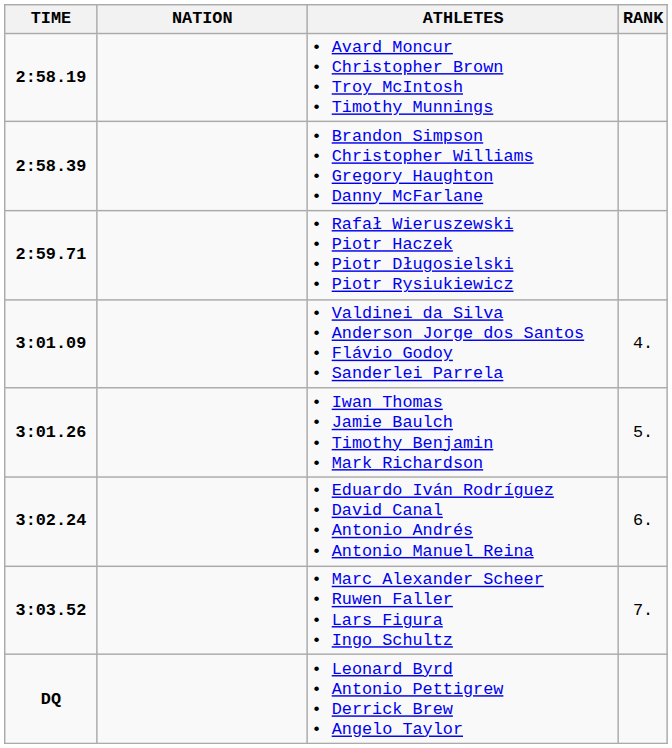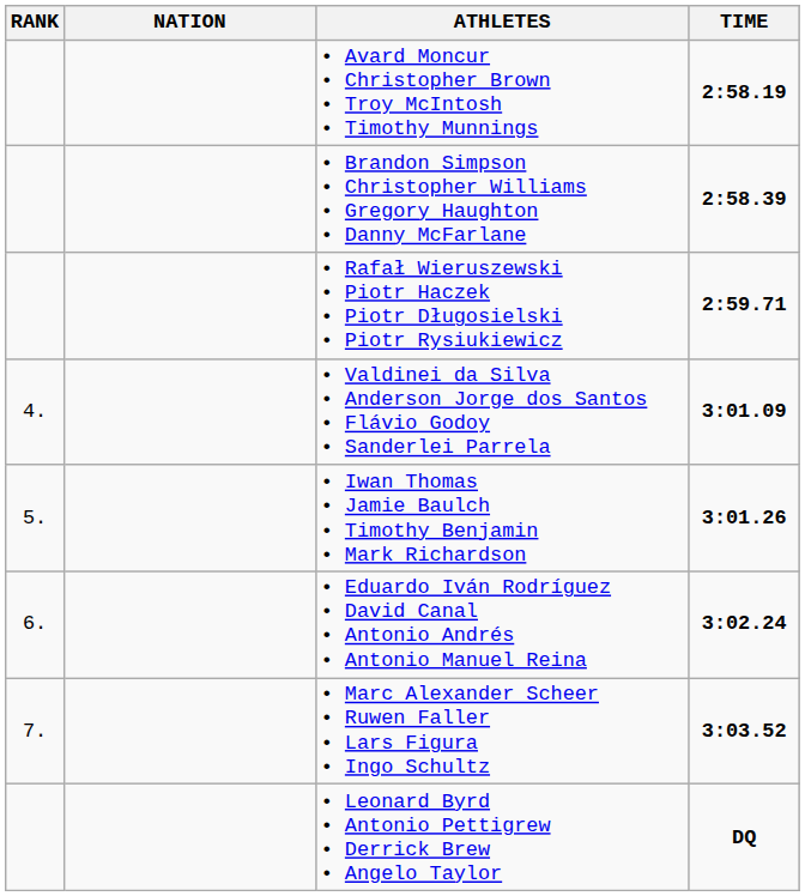 <table class="wikitable" style="border-collapse: collapse; font-size: 90%;">
 <tr>
-<th style="width: 5em">TIME</th>
+<th>RANK</th>
 <th style="width: 12em">NATION</th>
 <th style="width: 18em">ATHLETES</th>
-<th>RANK</th>
+<th style="width: 5em">TIME</th>
 </tr>
 <tr>
-<td align="center"><strong>2:58.19</strong></td>
+<td align="center"></td>
 <td align="center"></td>
 <td>• <a href='#'>Avard Moncur</a><br>• <a href='#'>Christopher Brown</a><br>• <a href='#'>Troy McIntosh</a><br>• <a href='#'>Timothy Munnings</a></td>
-<td align="center"></td>
+<td align="center"><strong>2:58.19</strong></td>
 </tr>
 <tr>
-<td align="center"><strong>2:58.39</strong></td>
+<td align="center"></td>
 <td align="center"></td>
 <td>• <a href='#'>Brandon Simpson</a><br>• <a href='#'>Christopher Williams</a><br>• <a href='#'>Gregory Haughton</a><br>• <a href='#'>Danny McFarlane</a></td>
-<td align="center"></td>
+<td align="center"><strong>2:58.39</strong></td>
 </tr>
 <tr>
-<td align="center"><strong>2:59.71</strong></td>
+<td align="center"></td>
 <td align="center"></td>
 <td>• <a href='#'>Rafał Wieruszewski</a><br>• <a href='#'>Piotr Haczek</a><br>• <a href='#'>Piotr Długosielski</a><br>• <a href='#'>Piotr Rysiukiewicz</a></td>
-<td align="center"></td>
+<td align="center"><strong>2:59.71</strong></td>
 </tr>
 <tr>
-<td align="center"><strong>3:01.09</strong></td>
+<td align="center">4.</td>
 <td align="center"></td>
 <td>• <a href='#'>Valdinei da Silva</a><br>• <a href='#'>Anderson Jorge dos Santos</a><br>• <a href='#'>Flávio Godoy</a><br>• <a href='#'>Sanderlei Parrela</a></td>
-<td align="center">4.</td>
+<td align="center"><strong>3:01.09</strong></td>
 </tr>
 <tr>
-<td align="center"><strong>3:01.26</strong></td>
+<td align="center">5.</td>
 <td align="center"></td>
 <td>• <a href='#'>Iwan Thomas</a><br>• <a href='#'>Jamie Baulch</a><br>• <a href='#'>Timothy Benjamin</a><br>• <a href='#'>Mark Richardson</a></td>
-<td align="center">5.</td>
+<td align="center"><strong>3:01.26</strong></td>
 </tr>
 <tr>
-<td align="center"><strong>3:02.24</strong></td>
+<td align="center">6.</td>
 <td align="center"></td>
 <td>• <a href='#'>Eduardo Iván Rodríguez</a><br>• <a href='#'>David Canal</a><br>• <a href='#'>Antonio Andrés</a><br>• <a href='#'>Antonio Manuel Reina</a></td>
-<td align="center">6.</td>
+<td align="center"><strong>3:02.24</strong></td>
 </tr>
 <tr>
-<td align="center"><strong>3:03.52</strong></td>
+<td align="center">7.</td>
 <td align="center"></td>
 <td>• <a href='#'>Marc Alexander Scheer</a><br>• <a href='#'>Ruwen Faller</a><br>• <a href='#'>Lars Figura</a><br>• <a href='#'>Ingo Schultz</a></td>
-<td align="center">7.</td>
+<td align="center"><strong>3:03.52</strong></td>
 </tr>
 <tr>
-<td align="center"><strong>DQ</strong></td>
+<td align="center"></td>
 <td align="center"></td>
 <td>• <a href='#'>Leonard Byrd</a><br>• <a href='#'>Antonio Pettigrew</a><br>• <a href='#'>Derrick Brew</a><br>• <a href='#'>Angelo Taylor</a></td>
-<td align="center"></td>
+<td align="center"><strong>DQ</strong></td>
 </tr>
 </table>
